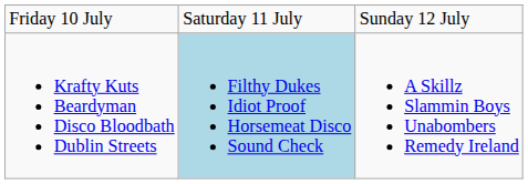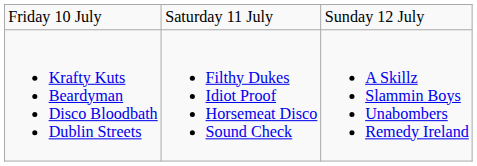 <table class="wikitable">
 <tr>
 <td>Friday 10 July</td>
 <td>Saturday 11 July</td>
 <td>Sunday 12 July</td>
 </tr>
 <tr valign="top">
 <td><br><ul><li><a href='#'>Krafty Kuts</a></li><li><a href='#'>Beardyman</a></li><li><a href='#'>Disco Bloodbath</a></li><li><a href='#'>Dublin Streets</a></li></ul></td>
-<td style="background: lightblue;"><br><ul><li><a href='#'>Filthy Dukes</a></li><li><a href='#'>Idiot Proof</a></li><li><a href='#'>Horsemeat Disco</a></li><li><a href='#'>Sound Check</a></li></ul></td>
+<td><br><ul><li><a href='#'>Filthy Dukes</a></li><li><a href='#'>Idiot Proof</a></li><li><a href='#'>Horsemeat Disco</a></li><li><a href='#'>Sound Check</a></li></ul></td>
 <td><br><ul><li><a href='#'>A Skillz</a></li><li><a href='#'>Slammin Boys</a></li><li><a href='#'>Unabombers</a></li><li><a href='#'>Remedy Ireland</a></li></ul></td>
 </tr>
 </table>
